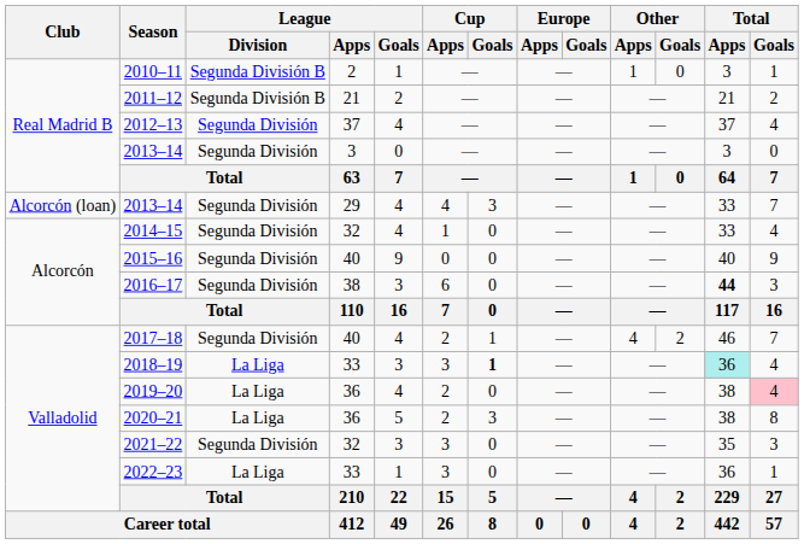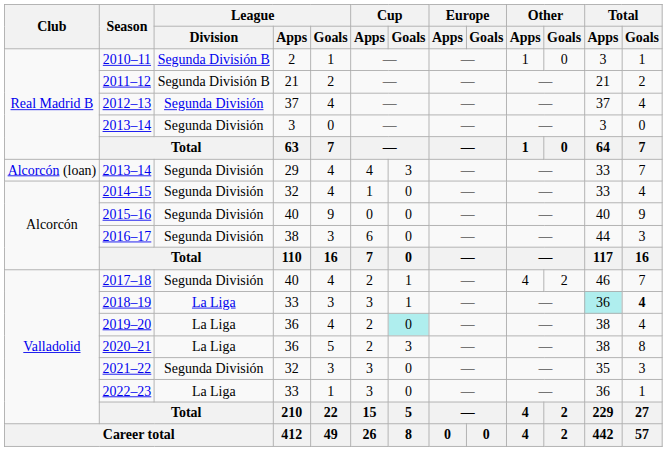 <table class="wikitable" style="text-align:center">
 <tr>
 <th rowspan="2">Club</th>
 <th rowspan="2">Season</th>
 <th colspan="3">League</th>
 <th colspan="2">Cup</th>
 <th colspan="2">Europe</th>
 <th colspan="2">Other</th>
 <th colspan="2">Total</th>
 </tr>
 <tr>
 <th>Division</th>
 <th>Apps</th>
 <th>Goals</th>
 <th>Apps</th>
 <th>Goals</th>
 <th>Apps</th>
 <th>Goals</th>
 <th>Apps</th>
 <th>Goals</th>
 <th>Apps</th>
 <th>Goals</th>
 </tr>
 <tr>
 <td rowspan="5"><a href='#'>Real Madrid B</a></td>
 <td><a href='#'>2010–11</a></td>
 <td><a href='#'>Segunda División B</a></td>
 <td>2</td>
 <td>1</td>
 <td colspan="2">—</td>
 <td colspan="2">—</td>
 <td>1</td>
 <td>0</td>
 <td>3</td>
 <td>1</td>
 </tr>
 <tr>
 <td><a href='#'>2011–12</a></td>
 <td>Segunda División B</td>
 <td>21</td>
 <td>2</td>
 <td colspan="2">—</td>
 <td colspan="2">—</td>
 <td colspan="2">—</td>
 <td>21</td>
 <td>2</td>
 </tr>
 <tr>
 <td><a href='#'>2012–13</a></td>
 <td><a href='#'>Segunda División</a></td>
 <td>37</td>
 <td>4</td>
 <td colspan="2">—</td>
 <td colspan="2">—</td>
 <td colspan="2">—</td>
 <td>37</td>
 <td>4</td>
 </tr>
 <tr>
 <td><a href='#'>2013–14</a></td>
 <td>Segunda División</td>
 <td>3</td>
 <td>0</td>
 <td colspan="2">—</td>
 <td colspan="2">—</td>
 <td colspan="2">—</td>
 <td>3</td>
 <td>0</td>
 </tr>
 <tr>
 <th colspan="2">Total</th>
 <th>63</th>
 <th>7</th>
 <th colspan="2">—</th>
 <th colspan="2">—</th>
 <th>1</th>
 <th>0</th>
 <th>64</th>
 <th>7</th>
 </tr>
 <tr>
 <td><a href='#'>Alcorcón</a> (loan)</td>
 <td><a href='#'>2013–14</a></td>
 <td>Segunda División</td>
 <td>29</td>
 <td>4</td>
 <td>4</td>
 <td>3</td>
 <td colspan="2">—</td>
 <td colspan="2">—</td>
 <td>33</td>
 <td>7</td>
 </tr>
 <tr>
 <td rowspan="4">Alcorcón</td>
 <td><a href='#'>2014–15</a></td>
 <td>Segunda División</td>
 <td>32</td>
 <td>4</td>
 <td>1</td>
 <td>0</td>
 <td colspan="2">—</td>
 <td colspan="2">—</td>
 <td>33</td>
 <td>4</td>
 </tr>
 <tr>
 <td><a href='#'>2015–16</a></td>
 <td>Segunda División</td>
 <td>40</td>
 <td>9</td>
 <td>0</td>
 <td>0</td>
 <td colspan="2">—</td>
 <td colspan="2">—</td>
 <td>40</td>
 <td>9</td>
 </tr>
 <tr>
 <td><a href='#'>2016–17</a></td>
 <td>Segunda División</td>
 <td>38</td>
 <td>3</td>
 <td>6</td>
 <td>0</td>
 <td colspan="2">—</td>
 <td colspan="2">—</td>
-<td><strong>44</strong></td>
+<td>44</td>
 <td>3</td>
 </tr>
 <tr>
 <th colspan="2">Total</th>
 <th>110</th>
 <th>16</th>
 <th>7</th>
 <th>0</th>
 <th colspan="2">—</th>
 <th colspan="2">—</th>
 <th>117</th>
 <th>16</th>
 </tr>
 <tr>
 <td rowspan="7"><a href='#'>Valladolid</a></td>
 <td><a href='#'>2017–18</a></td>
 <td>Segunda División</td>
 <td>40</td>
 <td>4</td>
 <td>2</td>
 <td>1</td>
 <td colspan="2">—</td>
 <td>4</td>
 <td>2</td>
 <td>46</td>
 <td>7</td>
 </tr>
 <tr>
 <td><a href='#'>2018–19</a></td>
 <td><a href='#'>La Liga</a></td>
 <td>33</td>
 <td>3</td>
 <td>3</td>
-<td><strong>1</strong></td>
+<td>1</td>
 <td colspan="2">—</td>
 <td colspan="2">—</td>
 <td style="background: paleturquoise;">36</td>
-<td>4</td>
+<td><strong>4</strong></td>
 </tr>
 <tr>
 <td><a href='#'>2019–20</a></td>
 <td>La Liga</td>
 <td>36</td>
 <td>4</td>
 <td>2</td>
-<td>0</td>
+<td style="background: paleturquoise;">0</td>
 <td colspan="2">—</td>
 <td colspan="2">—</td>
 <td>38</td>
-<td style="background: pink;">4</td>
+<td>4</td>
 </tr>
 <tr>
 <td><a href='#'>2020–21</a></td>
 <td>La Liga</td>
 <td>36</td>
 <td>5</td>
 <td>2</td>
 <td>3</td>
 <td colspan="2">—</td>
 <td colspan="2">—</td>
 <td>38</td>
 <td>8</td>
 </tr>
 <tr>
 <td><a href='#'>2021–22</a></td>
 <td>Segunda División</td>
 <td>32</td>
 <td>3</td>
 <td>3</td>
 <td>0</td>
 <td colspan="2">—</td>
 <td colspan="2">—</td>
 <td>35</td>
 <td>3</td>
 </tr>
 <tr>
 <td><a href='#'>2022–23</a></td>
 <td>La Liga</td>
 <td>33</td>
 <td>1</td>
 <td>3</td>
 <td>0</td>
 <td colspan="2">—</td>
 <td colspan="2">—</td>
 <td>36</td>
 <td>1</td>
 </tr>
 <tr>
 <th colspan="2">Total</th>
 <th>210</th>
 <th>22</th>
 <th>15</th>
 <th>5</th>
 <th colspan="2">—</th>
 <th>4</th>
 <th>2</th>
 <th>229</th>
 <th>27</th>
 </tr>
 <tr>
 <th colspan="3">Career total</th>
 <th>412</th>
 <th>49</th>
 <th>26</th>
 <th>8</th>
 <th>0</th>
 <th>0</th>
 <th>4</th>
 <th>2</th>
 <th>442</th>
 <th>57</th>
 </tr>
 </table>
